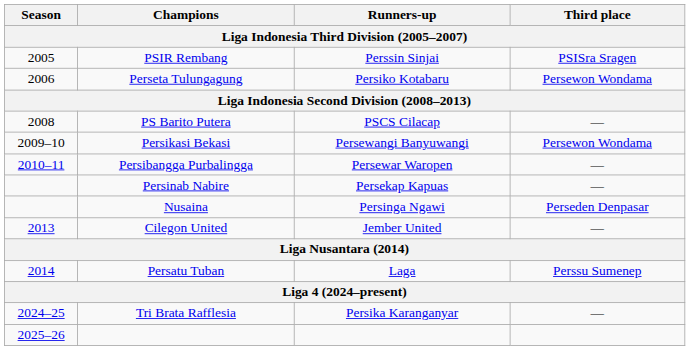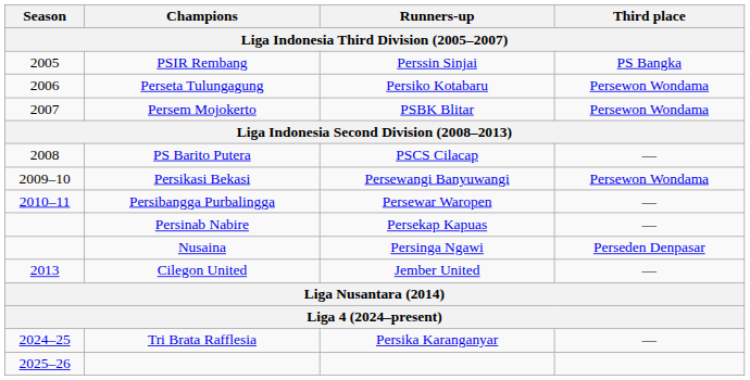 <table class="wikitable" style="text-align: center; white-space: nowrap;">
 <tr>
 <th width="80">Season</th>
 <th width="250">Champions</th>
 <th width="250">Runners-up</th>
 <th width="200">Third place</th>
 </tr>
 <tr>
 <th colspan="4">Liga Indonesia Third Division (2005–2007)</th>
 </tr>
 <tr>
 <td>2005</td>
 <td><a href='#'>PSIR Rembang</a></td>
 <td><a href='#'>Perssin Sinjai</a></td>
-<td><a href='#'>PSISra Sragen</a></td>
+<td><a href='#'>PS Bangka</a></td>
 </tr>
 <tr>
 <td>2006</td>
 <td><a href='#'>Perseta Tulungagung</a></td>
 <td><a href='#'>Persiko Kotabaru</a></td>
+<td><a href='#'>Persewon Wondama</a></td>
+</tr>
+<tr>
+<td>2007</td>
+<td><a href='#'>Persem Mojokerto</a></td>
+<td><a href='#'>PSBK Blitar</a></td>
 <td><a href='#'>Persewon Wondama</a></td>
 </tr>
 <tr>
 <th colspan="4">Liga Indonesia Second Division (2008–2013)</th>
 </tr>
 <tr>
 <td>2008</td>
 <td><a href='#'>PS Barito Putera</a></td>
 <td><a href='#'>PSCS Cilacap</a></td>
 <td>—</td>
 </tr>
 <tr>
 <td>2009–10</td>
 <td><a href='#'>Persikasi Bekasi</a></td>
 <td><a href='#'>Persewangi Banyuwangi</a></td>
 <td><a href='#'>Persewon Wondama</a></td>
 </tr>
 <tr>
 <td><a href='#'>2010–11</a></td>
 <td><a href='#'>Persibangga Purbalingga</a></td>
 <td><a href='#'>Persewar Waropen</a></td>
 <td>—</td>
 </tr>
 <tr>
 <td></td>
 <td><a href='#'>Persinab Nabire</a></td>
 <td><a href='#'>Persekap Kapuas</a></td>
 <td>—</td>
 </tr>
 <tr>
 <td></td>
 <td><a href='#'>Nusaina</a></td>
 <td><a href='#'>Persinga Ngawi</a></td>
 <td><a href='#'>Perseden Denpasar</a></td>
 </tr>
 <tr>
 <td><a href='#'>2013</a></td>
 <td><a href='#'>Cilegon United</a></td>
 <td><a href='#'>Jember United</a></td>
 <td>—</td>
 </tr>
 <tr>
 <th colspan="4">Liga Nusantara (2014)</th>
 </tr>
 <tr>
-<td><a href='#'>2014</a></td>
-<td><a href='#'>Persatu Tuban</a></td>
-<td><a href='#'>Laga</a></td>
-<td><a href='#'>Perssu Sumenep</a></td>
-</tr>
-<tr>
 <th colspan="4">Liga 4 (2024–present)</th>
 </tr>
 <tr>
 <td><a href='#'>2024–25</a></td>
 <td><a href='#'>Tri Brata Rafflesia</a></td>
 <td><a href='#'>Persika Karanganyar</a></td>
 <td>—</td>
 </tr>
 <tr>
 <td><a href='#'>2025–26</a></td>
 <td></td>
 <td></td>
 <td></td>
 </tr>
 </table>
